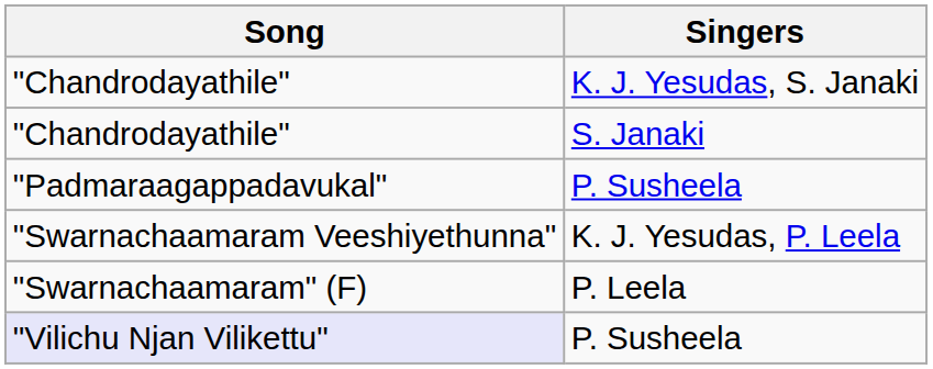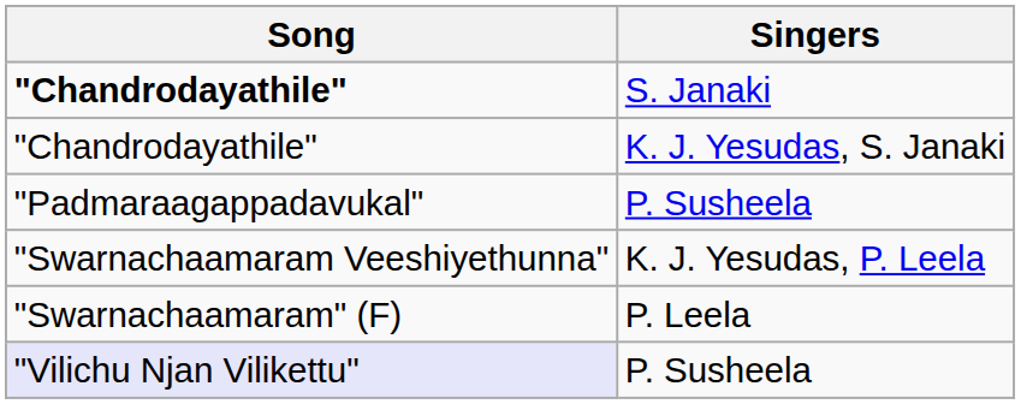 <table class="wikitable" style="font-size:95%;">
 <tr>
 <th>Song</th>
 <th>Singers</th>
 </tr>
 <tr>
-<td>"Chandrodayathile"</td>
-<td><a href='#'>K. J. Yesudas</a>, S. Janaki</td>
+<td><strong>"Chandrodayathile"</strong></td>
+<td><a href='#'>S. Janaki</a></td>
 </tr>
 <tr>
 <td>"Chandrodayathile"</td>
-<td><a href='#'>S. Janaki</a></td>
+<td><a href='#'>K. J. Yesudas</a>, S. Janaki</td>
 </tr>
 <tr>
 <td>"Padmaraagappadavukal"</td>
 <td><a href='#'>P. Susheela</a></td>
 </tr>
 <tr>
 <td>"Swarnachaamaram Veeshiyethunna"</td>
 <td>K. J. Yesudas, <a href='#'>P. Leela</a></td>
 </tr>
 <tr>
 <td>"Swarnachaamaram" (F)</td>
 <td>P. Leela</td>
 </tr>
 <tr>
 <td style="background: lavender;">"Vilichu Njan Vilikettu"</td>
 <td>P. Susheela</td>
 </tr>
 </table>
